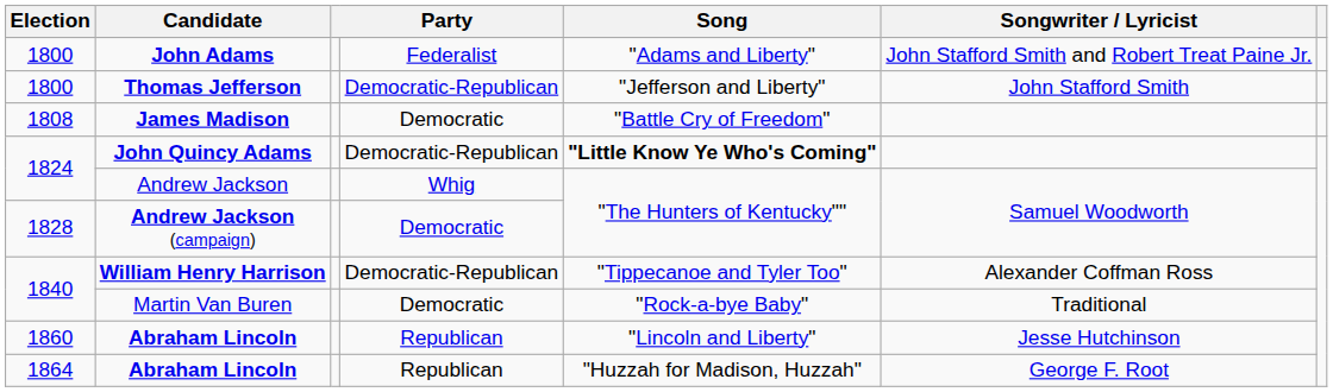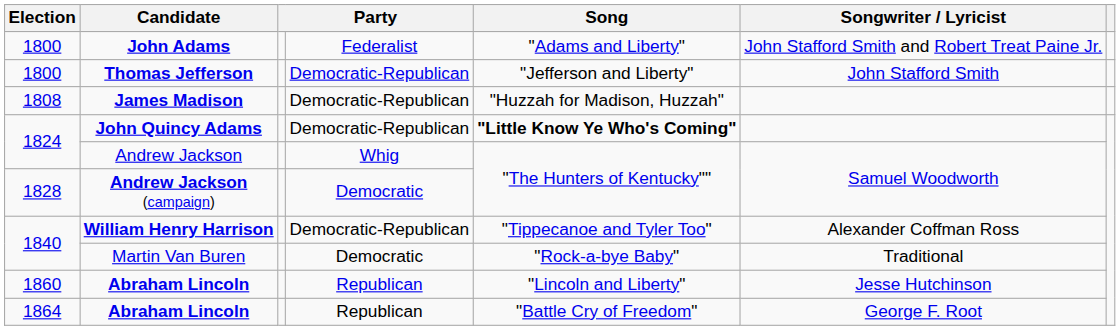 <table class="wikitable"  style="text-align:center">
 <tr>
 <th>Election</th>
 <th>Candidate</th>
 <th colspan="2">Party</th>
 <th>Song</th>
 <th>Songwriter / Lyricist</th>
 <th></th>
 </tr>
 <tr>
 <td><a href='#'>1800</a></td>
 <td><strong><a href='#'>John Adams</a></strong></td>
 <td style="background:"></td>
 <td><a href='#'>Federalist</a></td>
 <td>"<a href='#'>Adams and Liberty</a>"</td>
 <td><a href='#'>John Stafford Smith</a> and <a href='#'>Robert Treat Paine Jr.</a></td>
 </tr>
 <tr>
 <td><a href='#'>1800</a></td>
 <td><strong><a href='#'>Thomas Jefferson</a></strong><br></td>
 <td style="background:"></td>
 <td><a href='#'>Democratic-Republican</a></td>
 <td>"Jefferson and Liberty"</td>
 <td><a href='#'>John Stafford Smith</a></td>
 <td></td>
 </tr>
 <tr>
 <td><a href='#'>1808</a></td>
 <td><strong><a href='#'>James Madison</a></strong><br></td>
 <td style="background:"></td>
-<td>Democratic</td>
-<td>"<a href='#'>Battle Cry of Freedom</a>"</td>
+<td>Democratic-Republican</td>
+<td>"Huzzah for Madison, Huzzah"</td>
 <td></td>
 <td></td>
 </tr>
 <tr>
 <td rowspan="2"><a href='#'>1824</a></td>
 <td><strong><a href='#'>John Quincy Adams</a></strong></td>
 <td style="background:"></td>
 <td>Democratic-Republican</td>
 <td><strong>"Little Know Ye Who's Coming"</strong></td>
 <td></td>
 </tr>
 <tr>
 <td><a href='#'>Andrew Jackson</a></td>
 <td style="background:"></td>
 <td><a href='#'>Whig</a></td>
 <td rowspan="2">"<a href='#'>The Hunters of Kentucky</a>""</td>
 <td rowspan="2"><a href='#'>Samuel Woodworth</a></td>
 </tr>
 <tr>
 <td><a href='#'>1828</a></td>
 <td><strong><a href='#'>Andrew Jackson</a></strong><br> <small>(<a href='#'>campaign</a>)</small></td>
 <td style="background:"></td>
 <td><a href='#'>Democratic</a></td>
 </tr>
 <tr>
 <td rowspan="2"><a href='#'>1840</a></td>
 <td><strong><a href='#'>William Henry Harrison</a></strong></td>
 <td style="background:"></td>
 <td>Democratic-Republican</td>
 <td>"<a href='#'>Tippecanoe and Tyler Too</a>"</td>
 <td>Alexander Coffman Ross</td>
 </tr>
 <tr>
 <td><a href='#'>Martin Van Buren</a></td>
 <td style="background:"></td>
 <td>Democratic</td>
 <td>"<a href='#'>Rock-a-bye Baby</a>"</td>
 <td>Traditional</td>
 </tr>
 <tr>
 <td><a href='#'>1860</a></td>
 <td><strong><a href='#'>Abraham Lincoln</a></strong></td>
 <td style="background:"></td>
 <td><a href='#'>Republican</a></td>
 <td>"<a href='#'>Lincoln and Liberty</a>"</td>
 <td><a href='#'>Jesse Hutchinson</a></td>
 </tr>
 <tr>
 <td><a href='#'>1864</a></td>
 <td><strong><a href='#'>Abraham Lincoln</a></strong></td>
 <td style="background:"></td>
 <td>Republican</td>
-<td>"Huzzah for Madison, Huzzah"</td>
+<td>"<a href='#'>Battle Cry of Freedom</a>"</td>
 <td><a href='#'>George F. Root</a></td>
 </tr>
 </table>
